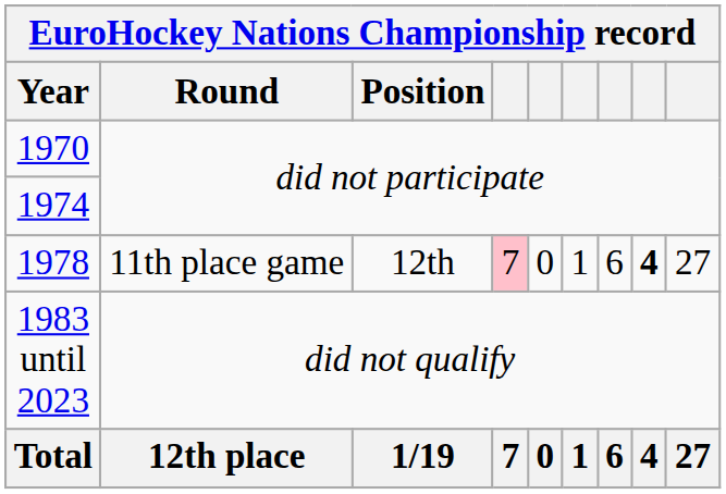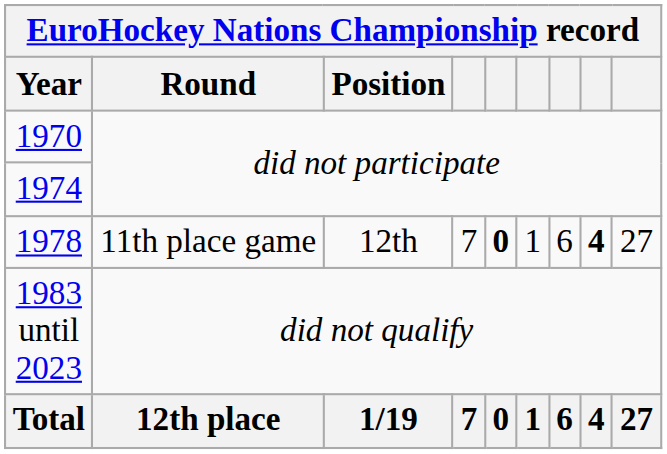 <table class="wikitable" style="text-align: center;">
 <tr>
 <th colspan=9><a href='#'>EuroHockey Nations Championship</a> record</th>
 </tr>
 <tr>
 <th>Year</th>
 <th>Round</th>
 <th>Position</th>
 <th></th>
 <th></th>
 <th></th>
 <th></th>
 <th></th>
 <th></th>
 </tr>
 <tr>
 <td> <a href='#'>1970</a></td>
 <td rowspan=2 colspan=8><em>did not participate</em></td>
 </tr>
 <tr>
 <td> <a href='#'>1974</a></td>
 </tr>
 <tr>
 <td> <a href='#'>1978</a></td>
 <td>11th place game</td>
 <td>12th</td>
-<td style="background: pink;">7</td>
-<td>0</td>
+<td>7</td>
+<td><strong>0</strong></td>
 <td>1</td>
 <td>6</td>
 <td><strong>4</strong></td>
 <td>27</td>
 </tr>
 <tr>
 <td> <a href='#'>1983</a><br>until<br> <a href='#'>2023</a></td>
 <td colspan=8><em>did not qualify</em></td>
 </tr>
 <tr>
 <th>Total</th>
 <th>12th place</th>
 <th>1/19</th>
 <th>7</th>
 <th>0</th>
 <th>1</th>
 <th>6</th>
 <th>4</th>
 <th>27</th>
 </tr>
 </table>
